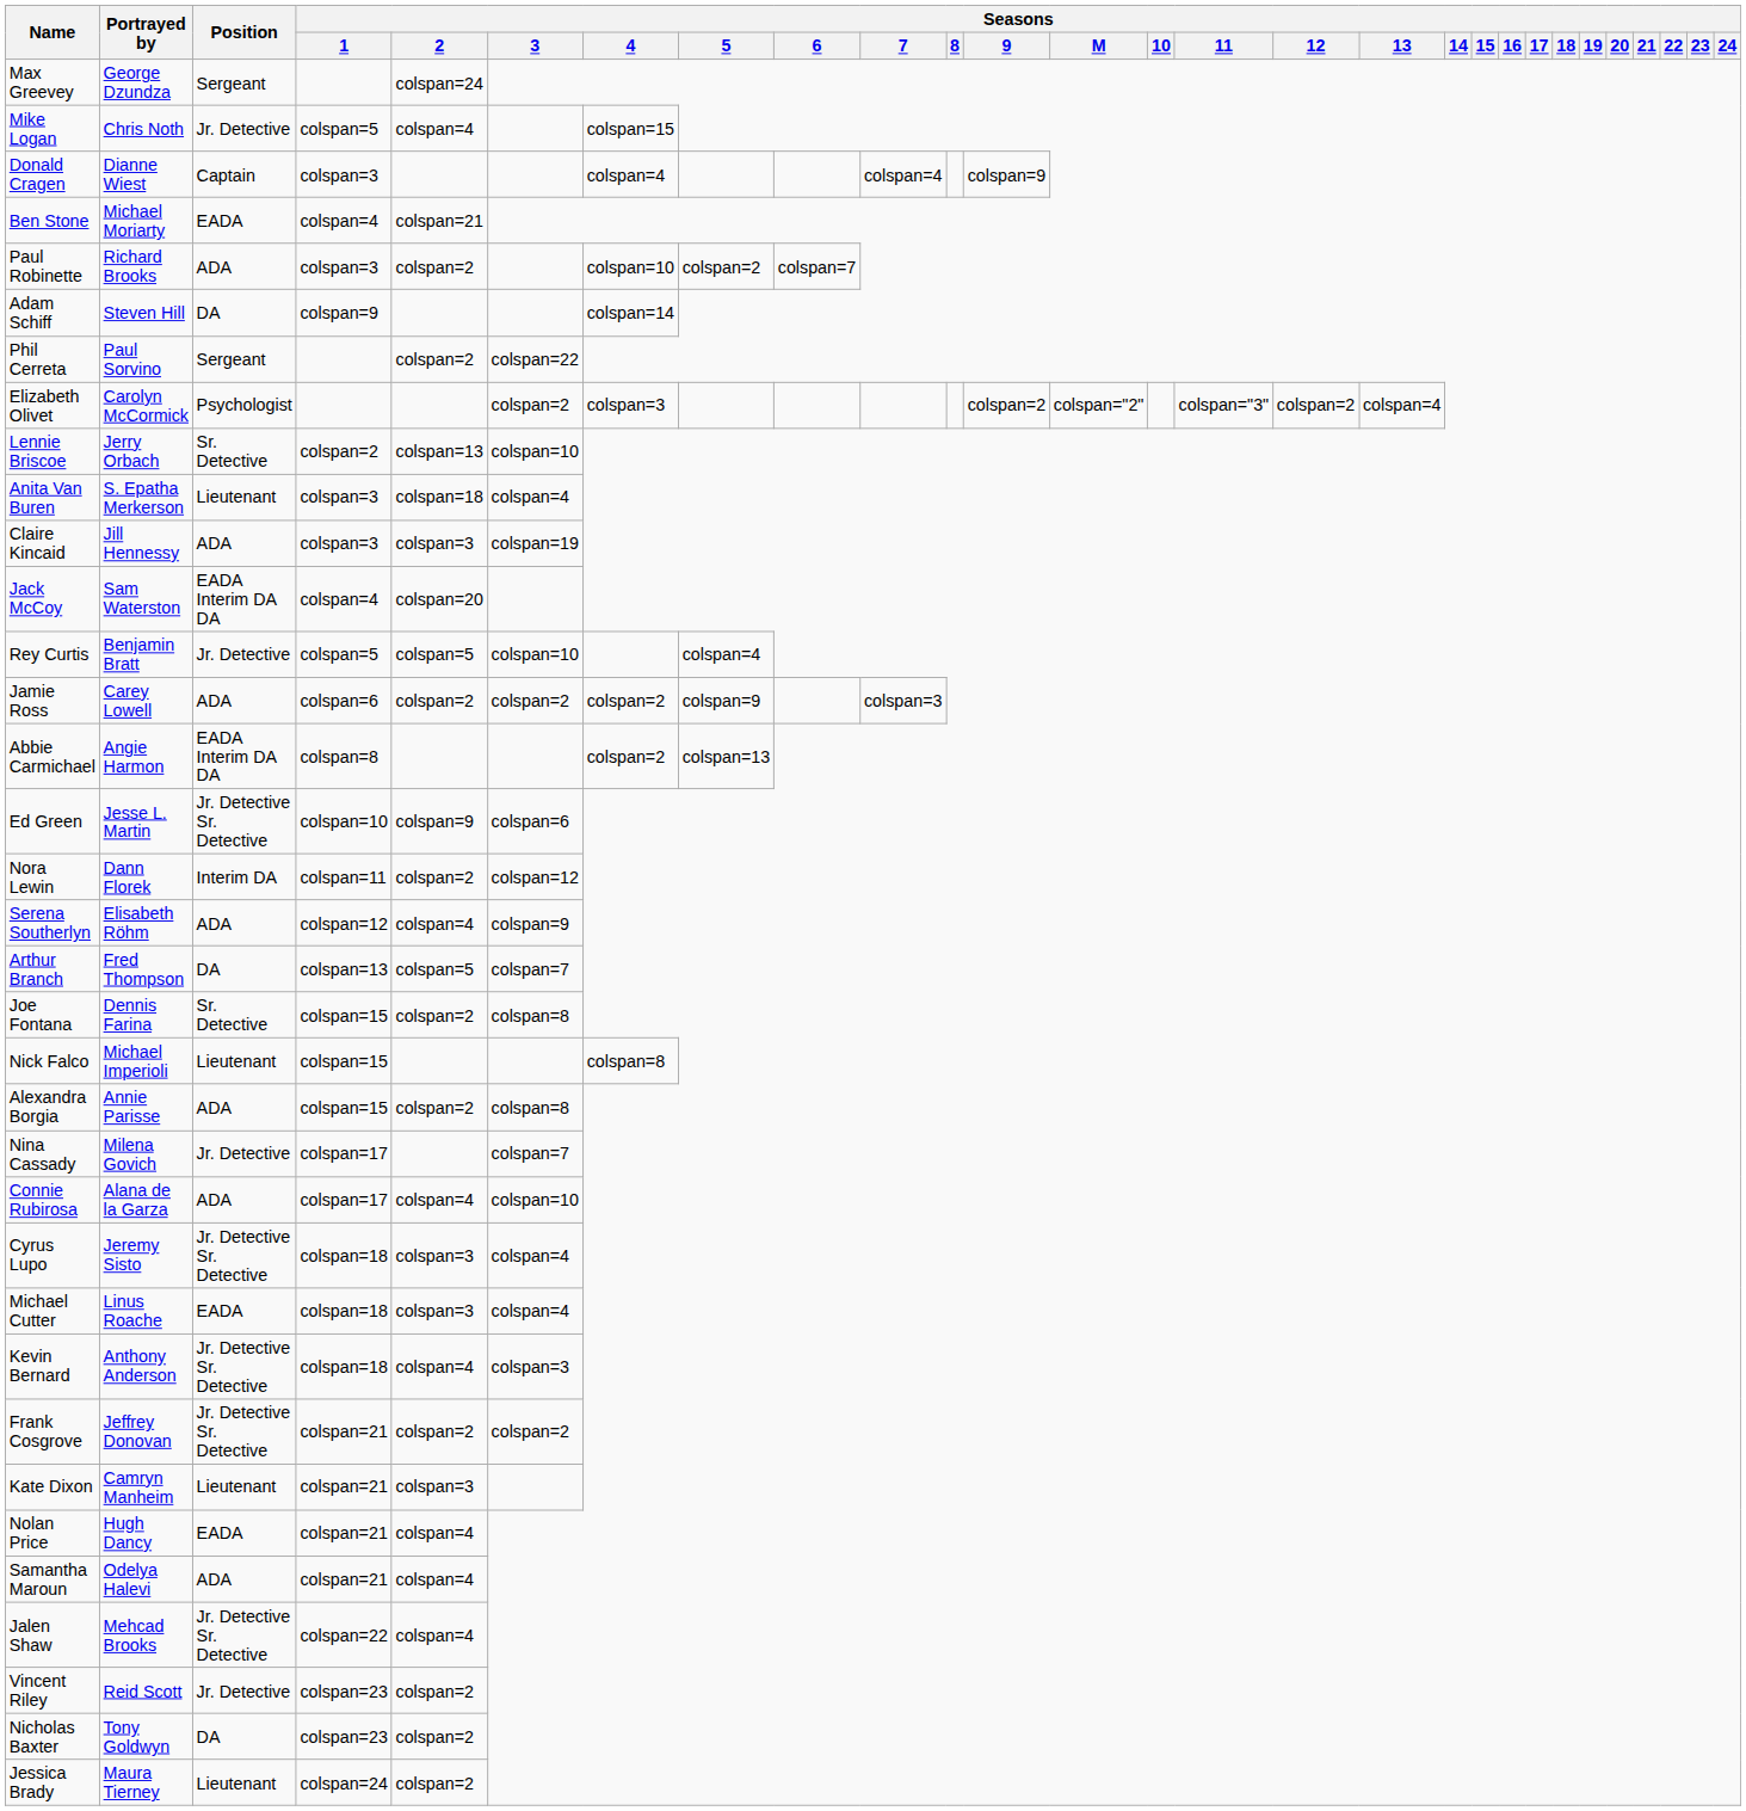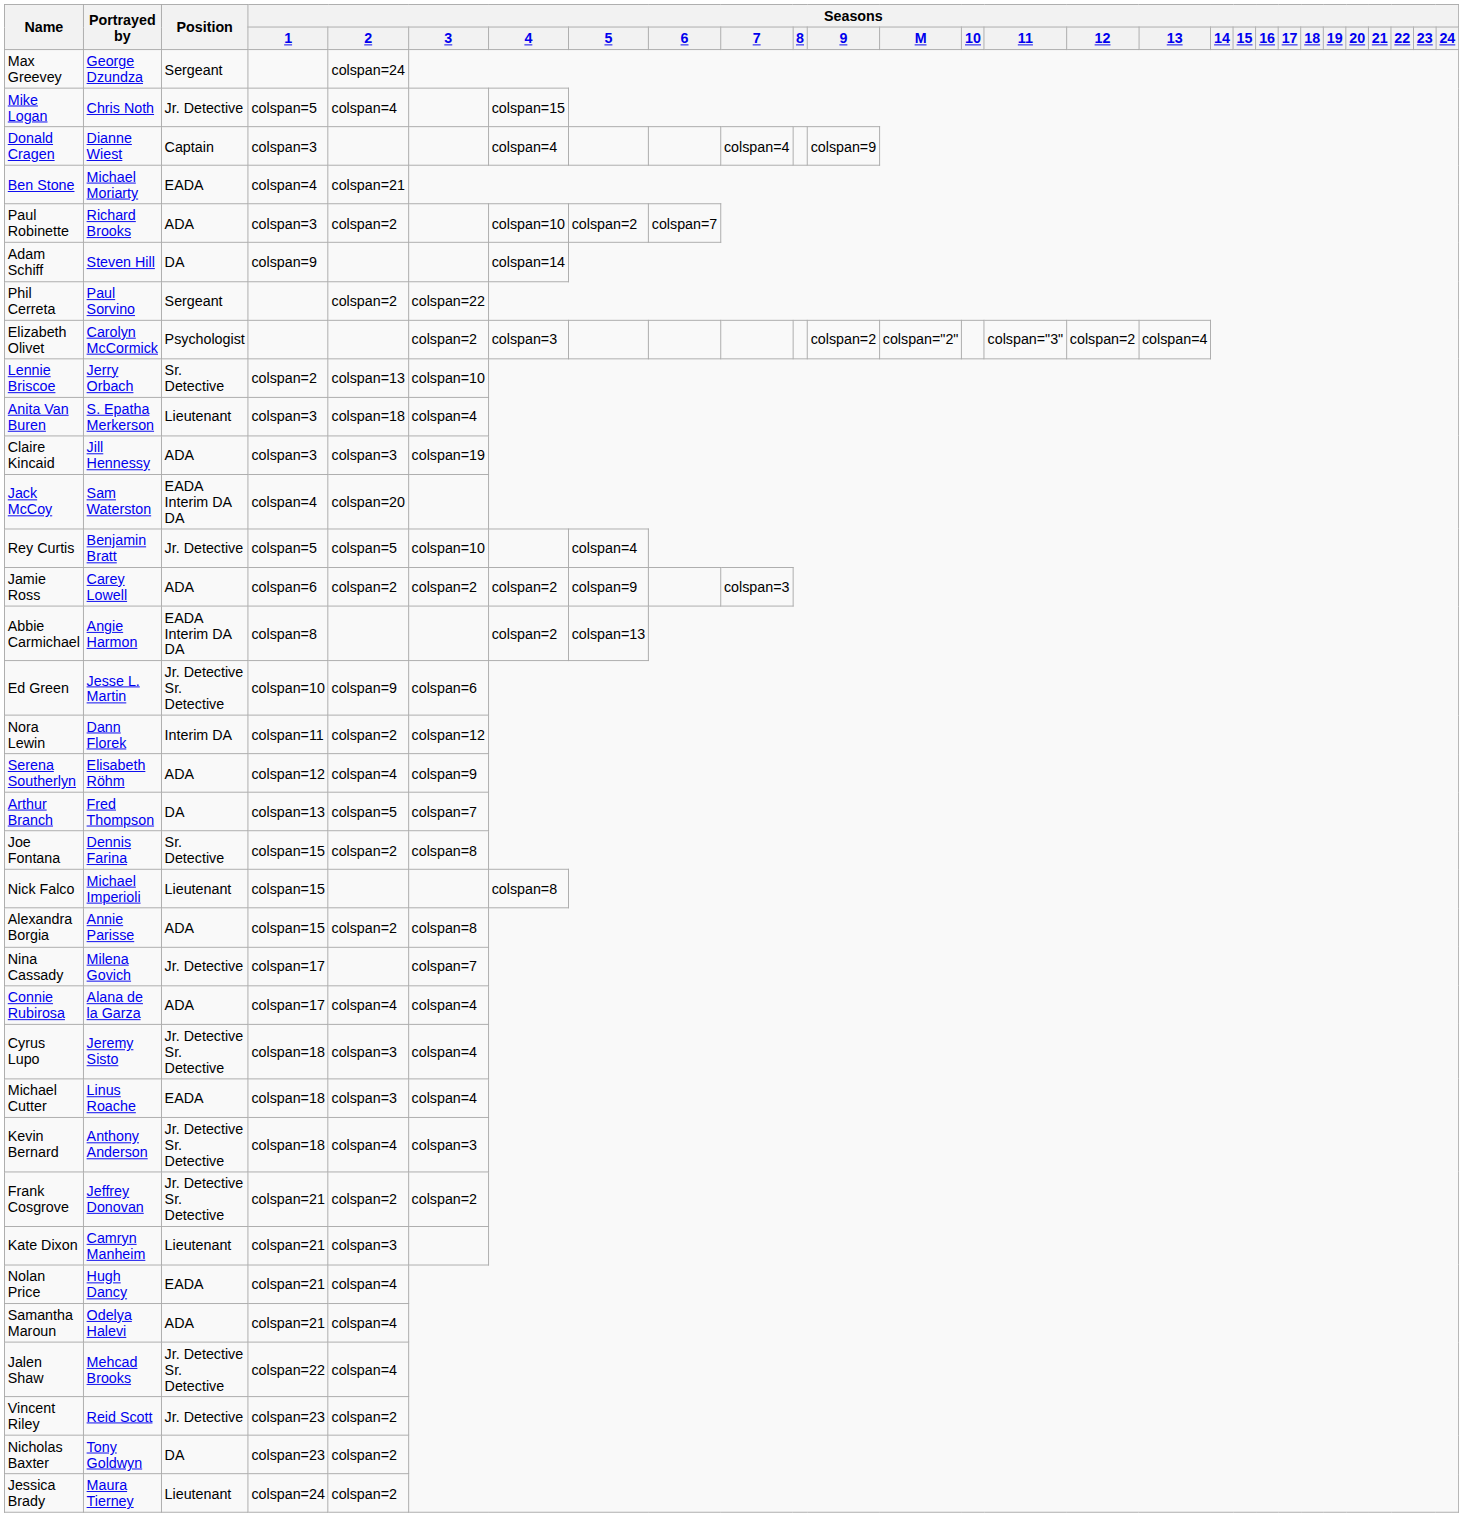 <table class="wikitable sortable" style="font-size:95%;">
 <tr>
 <th scope="col" rowspan=2>Name</th>
 <th scope="col" rowspan=2>Portrayed by</th>
 <th scope="col" rowspan=2>Position</th>
 <th scope="col" colspan=25>Seasons</th>
 </tr>
 <tr>
 <th><a href='#'>1</a></th>
 <th><a href='#'>2</a></th>
 <th><a href='#'>3</a></th>
 <th><a href='#'>4</a></th>
 <th><a href='#'>5</a></th>
 <th><a href='#'>6</a></th>
 <th><a href='#'>7</a></th>
 <th><a href='#'>8</a></th>
 <th><a href='#'>9</a></th>
 <th><a href='#'>M</a></th>
 <th><a href='#'>10</a></th>
 <th><a href='#'>11</a></th>
 <th><a href='#'>12</a></th>
 <th><a href='#'>13</a></th>
 <th><a href='#'>14</a></th>
 <th><a href='#'>15</a></th>
 <th><a href='#'>16</a></th>
 <th><a href='#'>17</a></th>
 <th><a href='#'>18</a></th>
 <th><a href='#'>19</a></th>
 <th><a href='#'>20</a></th>
 <th><a href='#'>21</a></th>
 <th><a href='#'>22</a></th>
 <th><a href='#'>23</a></th>
 <th><a href='#'>24</a></th>
 </tr>
 <tr>
 <td>Max Greevey</td>
 <td><a href='#'>George Dzundza</a></td>
 <td>Sergeant</td>
 <td></td>
 <td>colspan=24 </td>
 </tr>
 <tr>
 <td><a href='#'>Mike Logan</a></td>
 <td><a href='#'>Chris Noth</a></td>
 <td>Jr. Detective</td>
 <td>colspan=5 </td>
 <td>colspan=4 </td>
 <td></td>
 <td>colspan=15 </td>
 </tr>
 <tr>
 <td><a href='#'>Donald Cragen</a></td>
 <td><a href='#'>Dianne Wiest</a></td>
 <td>Captain</td>
 <td>colspan=3 </td>
 <td></td>
 <td></td>
 <td>colspan=4 </td>
 <td></td>
 <td></td>
 <td>colspan=4 </td>
 <td></td>
 <td>colspan=9 </td>
 </tr>
 <tr>
 <td><a href='#'>Ben Stone</a></td>
 <td><a href='#'>Michael Moriarty</a></td>
 <td>EADA</td>
 <td>colspan=4 </td>
 <td>colspan=21 </td>
 </tr>
 <tr>
 <td>Paul Robinette</td>
 <td><a href='#'>Richard Brooks</a></td>
 <td>ADA</td>
 <td>colspan=3 </td>
 <td>colspan=2 </td>
 <td></td>
 <td>colspan=10 </td>
 <td>colspan=2 </td>
 <td>colspan=7 </td>
 </tr>
 <tr>
 <td>Adam Schiff</td>
 <td><a href='#'>Steven Hill</a></td>
 <td>DA</td>
 <td>colspan=9 </td>
 <td></td>
 <td></td>
 <td>colspan=14 </td>
 </tr>
 <tr>
 <td>Phil Cerreta</td>
 <td><a href='#'>Paul Sorvino</a></td>
 <td>Sergeant</td>
 <td></td>
 <td>colspan=2 </td>
 <td>colspan=22 </td>
 </tr>
 <tr>
 <td>Elizabeth Olivet</td>
 <td><a href='#'>Carolyn McCormick</a></td>
 <td>Psychologist</td>
 <td></td>
 <td></td>
 <td>colspan=2 </td>
 <td>colspan=3 </td>
 <td></td>
 <td></td>
 <td></td>
 <td></td>
 <td>colspan=2 </td>
 <td>colspan="2" </td>
 <td></td>
 <td>colspan="3" </td>
 <td>colspan=2 </td>
 <td>colspan=4 </td>
 </tr>
 <tr>
 <td><a href='#'>Lennie Briscoe</a></td>
 <td><a href='#'>Jerry Orbach</a></td>
 <td>Sr. Detective</td>
 <td>colspan=2 </td>
 <td>colspan=13 </td>
 <td>colspan=10 </td>
 </tr>
 <tr>
 <td><a href='#'>Anita Van Buren</a></td>
 <td><a href='#'>S. Epatha Merkerson</a></td>
 <td>Lieutenant</td>
 <td>colspan=3 </td>
 <td>colspan=18 </td>
 <td>colspan=4 </td>
 </tr>
 <tr>
 <td>Claire Kincaid</td>
 <td><a href='#'>Jill Hennessy</a></td>
 <td>ADA</td>
 <td>colspan=3 </td>
 <td>colspan=3 </td>
 <td>colspan=19 </td>
 </tr>
 <tr>
 <td><a href='#'>Jack McCoy</a></td>
 <td><a href='#'>Sam Waterston</a></td>
 <td>EADA<br>Interim DA<br>DA</td>
 <td>colspan=4 </td>
 <td>colspan=20 </td>
 <td></td>
 </tr>
 <tr>
 <td>Rey Curtis</td>
 <td><a href='#'>Benjamin Bratt</a></td>
 <td>Jr. Detective</td>
 <td>colspan=5 </td>
 <td>colspan=5 </td>
 <td>colspan=10 </td>
 <td></td>
 <td>colspan=4 </td>
 </tr>
 <tr>
 <td>Jamie Ross</td>
 <td><a href='#'>Carey Lowell</a></td>
 <td>ADA</td>
 <td>colspan=6 </td>
 <td>colspan=2 </td>
 <td>colspan=2 </td>
 <td>colspan=2 </td>
 <td>colspan=9 </td>
 <td></td>
 <td>colspan=3 </td>
 </tr>
 <tr>
 <td>Abbie Carmichael</td>
 <td><a href='#'>Angie Harmon</a></td>
 <td>EADA<br>Interim DA<br>DA</td>
 <td>colspan=8 </td>
 <td></td>
 <td></td>
 <td>colspan=2 </td>
 <td>colspan=13 </td>
 </tr>
 <tr>
 <td>Ed Green</td>
 <td><a href='#'>Jesse L. Martin</a></td>
 <td>Jr. Detective<br>Sr. Detective</td>
 <td>colspan=10 </td>
 <td>colspan=9 </td>
 <td>colspan=6 </td>
 </tr>
 <tr>
 <td>Nora Lewin</td>
 <td><a href='#'>Dann Florek</a></td>
 <td>Interim DA</td>
 <td>colspan=11 </td>
 <td>colspan=2 </td>
 <td>colspan=12 </td>
 </tr>
 <tr>
 <td><a href='#'>Serena Southerlyn</a></td>
 <td><a href='#'>Elisabeth Röhm</a></td>
 <td>ADA</td>
 <td>colspan=12 </td>
 <td>colspan=4 </td>
 <td>colspan=9 </td>
 </tr>
 <tr>
 <td><a href='#'>Arthur Branch</a></td>
 <td><a href='#'>Fred Thompson</a></td>
 <td>DA</td>
 <td>colspan=13 </td>
 <td>colspan=5 </td>
 <td>colspan=7 </td>
 </tr>
 <tr>
 <td>Joe Fontana</td>
 <td><a href='#'>Dennis Farina</a></td>
 <td>Sr. Detective</td>
 <td>colspan=15 </td>
 <td>colspan=2 </td>
 <td>colspan=8 </td>
 </tr>
 <tr>
 <td>Nick Falco</td>
 <td><a href='#'>Michael Imperioli</a></td>
 <td>Lieutenant</td>
 <td>colspan=15 </td>
 <td></td>
 <td></td>
 <td>colspan=8 </td>
 </tr>
 <tr>
 <td>Alexandra Borgia</td>
 <td><a href='#'>Annie Parisse</a></td>
 <td>ADA</td>
 <td>colspan=15 </td>
 <td>colspan=2 </td>
 <td>colspan=8 </td>
 </tr>
 <tr>
 <td>Nina Cassady</td>
 <td><a href='#'>Milena Govich</a></td>
 <td>Jr. Detective</td>
 <td>colspan=17 </td>
 <td></td>
 <td>colspan=7 </td>
 </tr>
 <tr>
 <td><a href='#'>Connie Rubirosa</a></td>
 <td><a href='#'>Alana de la Garza</a></td>
 <td>ADA</td>
 <td>colspan=17 </td>
 <td>colspan=4 </td>
-<td>colspan=10 </td>
+<td>colspan=4 </td>
 </tr>
 <tr id="Cyrus Lupo">
 <td>Cyrus Lupo</td>
 <td><a href='#'>Jeremy Sisto</a></td>
 <td>Jr. Detective<br>Sr. Detective</td>
 <td>colspan=18 </td>
 <td>colspan=3 </td>
 <td>colspan=4 </td>
 </tr>
 <tr>
 <td>Michael Cutter</td>
 <td><a href='#'>Linus Roache</a></td>
 <td>EADA</td>
 <td>colspan=18 </td>
 <td>colspan=3 </td>
 <td>colspan=4 </td>
 </tr>
 <tr>
 <td>Kevin Bernard</td>
 <td><a href='#'>Anthony Anderson</a></td>
 <td>Jr. Detective<br>Sr. Detective</td>
 <td>colspan=18 </td>
 <td>colspan=4 </td>
 <td>colspan=3 </td>
 </tr>
 <tr>
 <td>Frank Cosgrove</td>
 <td><a href='#'>Jeffrey Donovan</a></td>
 <td>Jr. Detective<br>Sr. Detective</td>
 <td>colspan=21 </td>
 <td>colspan=2 </td>
 <td>colspan=2 </td>
 </tr>
 <tr>
 <td>Kate Dixon</td>
 <td><a href='#'>Camryn Manheim</a></td>
 <td>Lieutenant</td>
 <td>colspan=21 </td>
 <td>colspan=3 </td>
 <td></td>
 </tr>
 <tr>
 <td>Nolan Price</td>
 <td><a href='#'>Hugh Dancy</a></td>
 <td>EADA</td>
 <td>colspan=21 </td>
 <td>colspan=4 </td>
 </tr>
 <tr>
 <td>Samantha Maroun</td>
 <td><a href='#'>Odelya Halevi</a></td>
 <td>ADA</td>
 <td>colspan=21 </td>
 <td>colspan=4 </td>
 </tr>
 <tr>
 <td>Jalen Shaw</td>
 <td><a href='#'>Mehcad Brooks</a></td>
 <td>Jr. Detective<br>Sr. Detective</td>
 <td>colspan=22 </td>
 <td>colspan=4 </td>
 </tr>
 <tr>
 <td>Vincent Riley</td>
 <td><a href='#'>Reid Scott</a></td>
 <td>Jr. Detective</td>
 <td>colspan=23 </td>
 <td>colspan=2 </td>
 </tr>
 <tr>
 <td>Nicholas Baxter</td>
 <td><a href='#'>Tony Goldwyn</a></td>
 <td>DA</td>
 <td>colspan=23 </td>
 <td>colspan=2 </td>
 </tr>
 <tr>
 <td>Jessica Brady</td>
 <td><a href='#'>Maura Tierney</a></td>
 <td>Lieutenant</td>
 <td>colspan=24 </td>
 <td>colspan=2 </td>
 </tr>
 </table>
